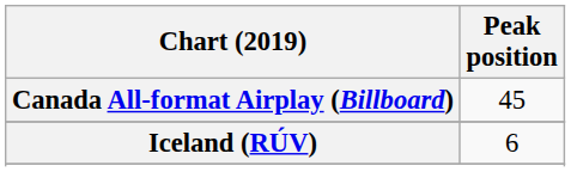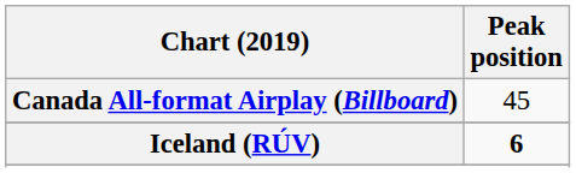 <table class="wikitable sortable plainrowheaders" style="text-align:center;">
 <tr>
 <th>Chart (2019)</th>
 <th>Peak<br>position</th>
 </tr>
 <tr>
 <th scope="row">Canada <a href='#'>All-format Airplay</a> (<em><a href='#'>Billboard</a></em>)</th>
 <td>45</td>
 </tr>
 <tr>
 </tr>
 <tr>
 <th scope="row">Iceland (<a href='#'>RÚV</a>)</th>
-<td>6</td>
+<td><strong>6</strong></td>
 </tr>
 <tr>
 </tr>
 <tr>
 </tr>
 </table>
